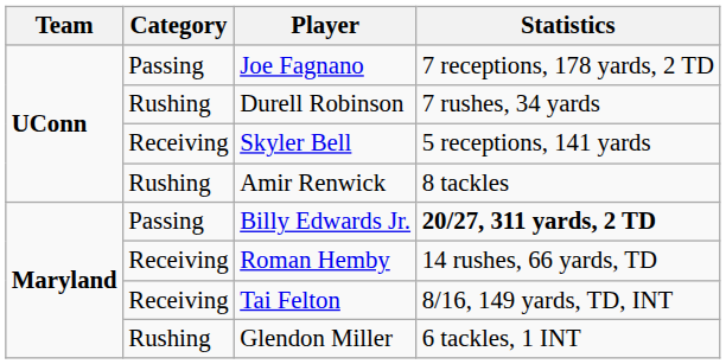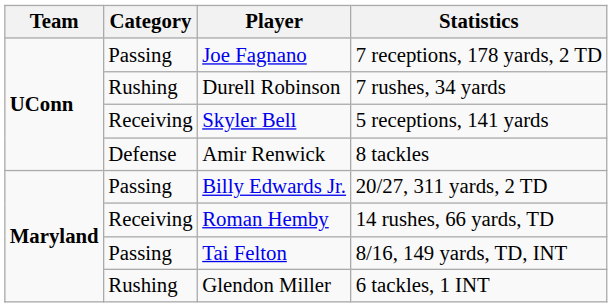 <table class="wikitable" style="float: right;">
 <tr>
 <th>Team</th>
 <th>Category</th>
 <th>Player</th>
 <th>Statistics</th>
 </tr>
 <tr>
 <td rowspan=4><strong>UConn</strong></td>
 <td>Passing</td>
 <td><a href='#'>Joe Fagnano</a></td>
 <td>7 receptions, 178 yards, 2 TD</td>
 </tr>
 <tr>
 <td>Rushing</td>
 <td>Durell Robinson</td>
 <td>7 rushes, 34 yards</td>
 </tr>
 <tr>
 <td>Receiving</td>
 <td><a href='#'>Skyler Bell</a></td>
 <td>5 receptions, 141 yards</td>
 </tr>
 <tr>
-<td>Rushing</td>
+<td>Defense</td>
 <td>Amir Renwick</td>
 <td>8 tackles</td>
 </tr>
 <tr>
 <td rowspan=4><strong>Maryland</strong></td>
 <td>Passing</td>
 <td><a href='#'>Billy Edwards Jr.</a></td>
-<td><strong>20/27, 311 yards, 2 TD</strong></td>
+<td>20/27, 311 yards, 2 TD</td>
 </tr>
 <tr>
 <td>Receiving</td>
 <td><a href='#'>Roman Hemby</a></td>
 <td>14 rushes, 66 yards, TD</td>
 </tr>
 <tr>
-<td>Receiving</td>
+<td>Passing</td>
 <td><a href='#'>Tai Felton</a></td>
 <td>8/16, 149 yards, TD, INT</td>
 </tr>
 <tr>
 <td>Rushing</td>
 <td>Glendon Miller</td>
 <td>6 tackles, 1 INT</td>
 </tr>
 </table>
